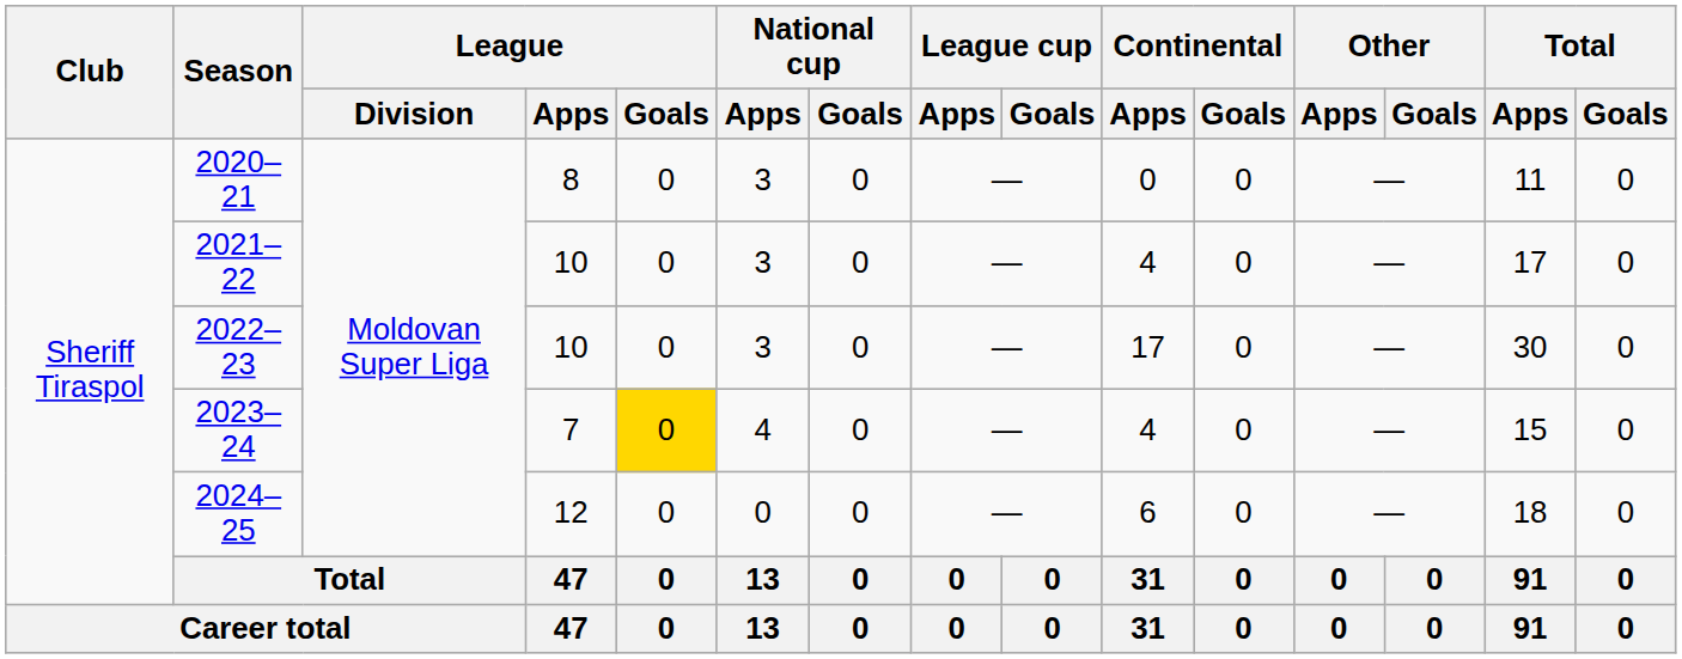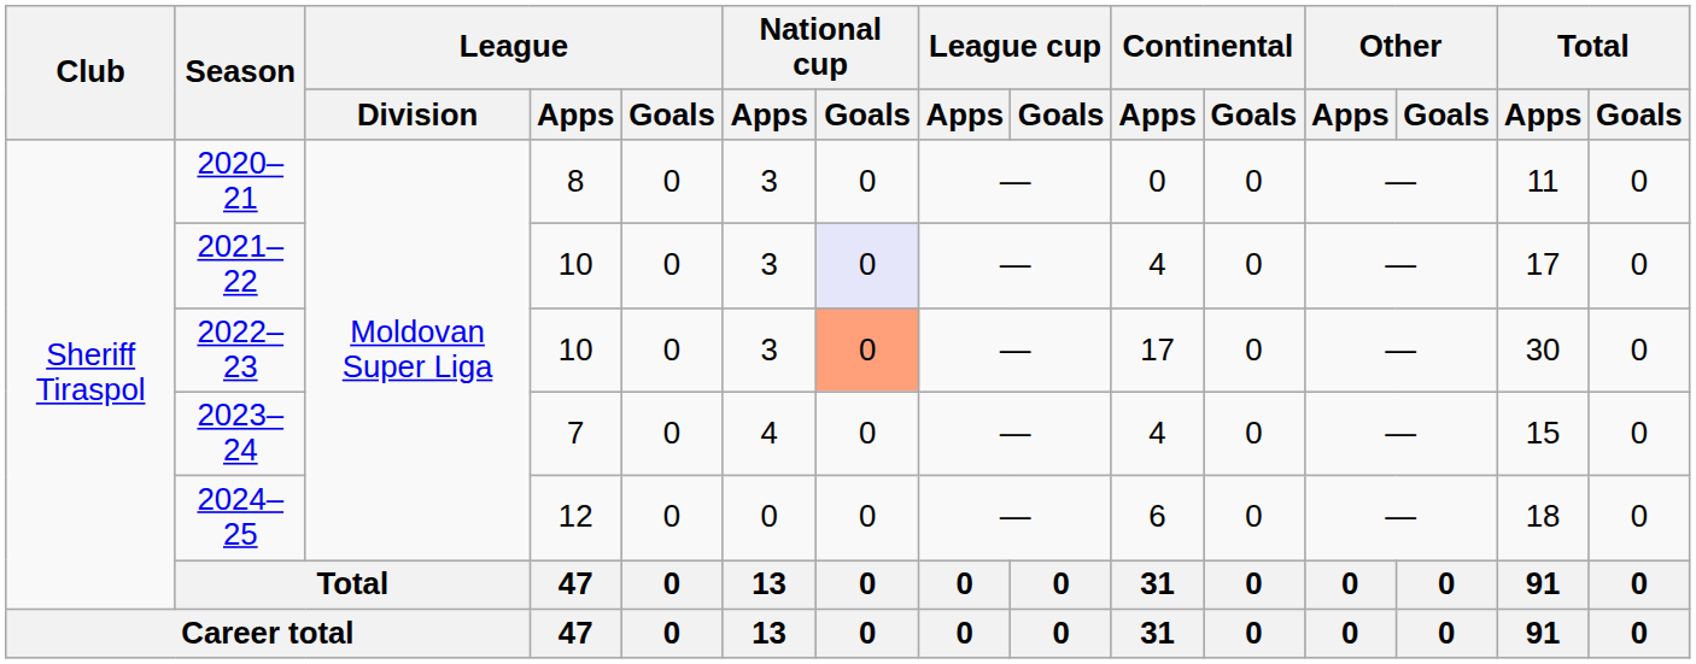 <table class="wikitable" style="text-align:center">
 <tr>
 <th rowspan="2">Club</th>
 <th rowspan="2">Season</th>
 <th colspan="3">League</th>
 <th colspan="2">National cup</th>
 <th colspan="2">League cup</th>
 <th colspan="2">Continental</th>
 <th colspan="2">Other</th>
 <th colspan="2">Total</th>
 </tr>
 <tr>
 <th>Division</th>
 <th>Apps</th>
 <th>Goals</th>
 <th>Apps</th>
 <th>Goals</th>
 <th>Apps</th>
 <th>Goals</th>
 <th>Apps</th>
 <th>Goals</th>
 <th>Apps</th>
 <th>Goals</th>
 <th>Apps</th>
 <th>Goals</th>
 </tr>
 <tr>
 <td rowspan="6"><a href='#'>Sheriff Tiraspol</a></td>
 <td><a href='#'>2020–21</a></td>
 <td rowspan="5"><a href='#'>Moldovan Super Liga</a></td>
 <td>8</td>
 <td>0</td>
 <td>3</td>
 <td>0</td>
 <td colspan="2">—</td>
 <td>0</td>
 <td>0</td>
 <td colspan="2">—</td>
 <td>11</td>
 <td>0</td>
 </tr>
 <tr>
 <td><a href='#'>2021–22</a></td>
 <td>10</td>
 <td>0</td>
 <td>3</td>
-<td>0</td>
+<td style="background: lavender;">0</td>
 <td colspan="2">—</td>
 <td>4</td>
 <td>0</td>
 <td colspan="2">—</td>
 <td>17</td>
 <td>0</td>
 </tr>
 <tr>
 <td><a href='#'>2022–23</a></td>
 <td>10</td>
 <td>0</td>
 <td>3</td>
-<td>0</td>
+<td style="background: lightsalmon;">0</td>
 <td colspan="2">—</td>
 <td>17</td>
 <td>0</td>
 <td colspan="2">—</td>
 <td>30</td>
 <td>0</td>
 </tr>
 <tr>
 <td><a href='#'>2023–24</a></td>
 <td>7</td>
-<td style="background: gold;">0</td>
+<td>0</td>
 <td>4</td>
 <td>0</td>
 <td colspan="2">—</td>
 <td>4</td>
 <td>0</td>
 <td colspan="2">—</td>
 <td>15</td>
 <td>0</td>
 </tr>
 <tr>
 <td><a href='#'>2024–25</a></td>
 <td>12</td>
 <td>0</td>
 <td>0</td>
 <td>0</td>
 <td colspan="2">—</td>
 <td>6</td>
 <td>0</td>
 <td colspan="2">—</td>
 <td>18</td>
 <td>0</td>
 </tr>
 <tr>
 <th colspan="2">Total</th>
 <th>47</th>
 <th>0</th>
 <th>13</th>
 <th>0</th>
 <th>0</th>
 <th>0</th>
 <th>31</th>
 <th>0</th>
 <th>0</th>
 <th>0</th>
 <th>91</th>
 <th>0</th>
 </tr>
 <tr>
 <th colspan="3">Career total</th>
 <th>47</th>
 <th>0</th>
 <th>13</th>
 <th>0</th>
 <th>0</th>
 <th>0</th>
 <th>31</th>
 <th>0</th>
 <th>0</th>
 <th>0</th>
 <th>91</th>
 <th>0</th>
 </tr>
 </table>
